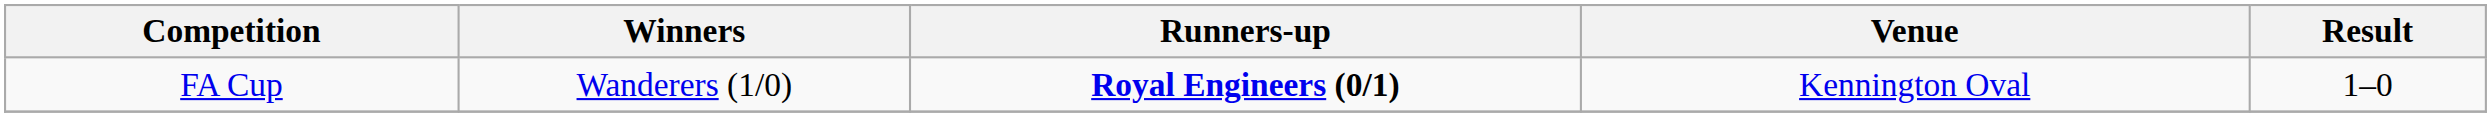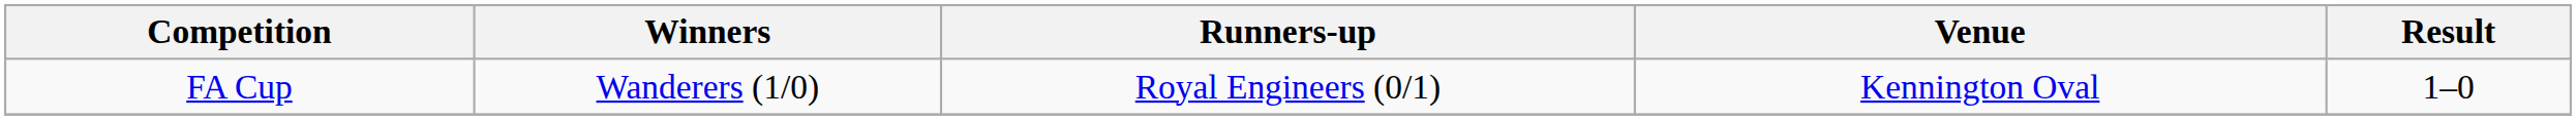 <table class="wikitable" width="75%">
 <tr>
 <th style="width:10em">Competition</th>
 <th style="width:10em">Winners</th>
 <th style="width:15em">Runners-up</th>
 <th style="width:15em">Venue</th>
 <th style="width:05em">Result</th>
 </tr>
 <tr>
 <td align="center"><a href='#'>FA Cup</a></td>
 <td align="center"><a href='#'>Wanderers</a> (1/0)</td>
-<td align="center"><strong><a href='#'>Royal Engineers</a> (0/1)</strong></td>
+<td align="center"><a href='#'>Royal Engineers</a> (0/1)</td>
 <td align="center"><a href='#'>Kennington Oval</a></td>
 <td align="center">1–0</td>
 </tr>
 <tr>
 </tr>
 </table>
